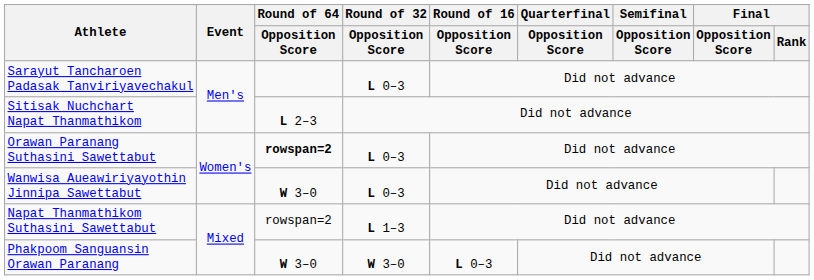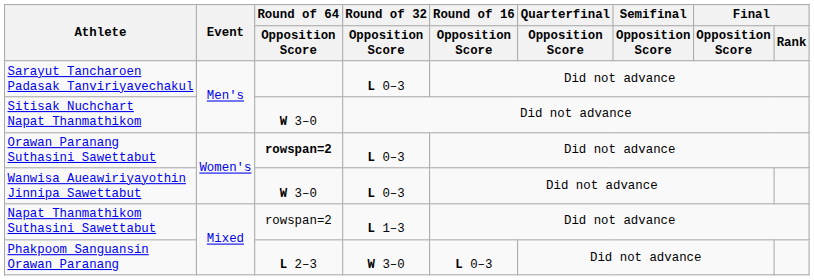 <table class=wikitable style=font-size:90%;text-align:center>
 <tr>
 <th rowspan="2">Athlete</th>
 <th rowspan="2">Event</th>
 <th>Round of 64</th>
 <th>Round of 32</th>
 <th>Round of 16</th>
 <th>Quarterfinal</th>
 <th>Semifinal</th>
 <th colspan="2">Final</th>
 </tr>
 <tr>
 <th>Opposition<br>Score</th>
 <th>Opposition<br>Score</th>
 <th>Opposition<br>Score</th>
 <th>Opposition<br>Score</th>
 <th>Opposition<br>Score</th>
 <th>Opposition<br>Score</th>
 <th>Rank</th>
 </tr>
 <tr>
 <td align=left><a href='#'>Sarayut Tancharoen</a><br><a href='#'>Padasak Tanviriyavechakul</a></td>
 <td rowspan="2"><a href='#'>Men's</a></td>
 <td></td>
 <td><br><strong>L</strong> 0–3</td>
 <td colspan="5">Did not advance</td>
 </tr>
 <tr>
 <td align=left><a href='#'>Sitisak Nuchchart</a><br><a href='#'>Napat Thanmathikom</a></td>
-<td><br><strong>L</strong> 2–3</td>
+<td><br><strong>W</strong> 3–0</td>
 <td colspan="6">Did not advance</td>
 </tr>
 <tr>
 <td align=left><a href='#'>Orawan Paranang</a><br><a href='#'>Suthasini Sawettabut</a></td>
 <td rowspan="2"><a href='#'>Women's</a></td>
 <td><strong>rowspan=2 </strong></td>
 <td><br><strong>L</strong> 0–3</td>
 <td colspan="5">Did not advance</td>
 </tr>
 <tr>
 <td align=left><a href='#'>Wanwisa Aueawiriyayothin</a><br><a href='#'>Jinnipa Sawettabut</a></td>
 <td><br><strong>W</strong> 3–0</td>
 <td><br><strong>L</strong> 0–3</td>
 <td colspan="4">Did not advance</td>
 </tr>
 <tr>
 <td align=left><a href='#'>Napat Thanmathikom</a><br><a href='#'>Suthasini Sawettabut</a></td>
 <td rowspan="2"><a href='#'>Mixed</a></td>
 <td>rowspan=2 </td>
 <td><br><strong>L</strong> 1–3</td>
 <td colspan="5">Did not advance</td>
 </tr>
 <tr>
 <td align=left><a href='#'>Phakpoom Sanguansin</a><br><a href='#'>Orawan Paranang</a></td>
-<td><br><strong>W</strong> 3–0</td>
+<td><br><strong>L</strong> 2–3</td>
 <td><br><strong>W</strong> 3–0</td>
 <td><br><strong>L</strong> 0–3</td>
 <td colspan="3">Did not advance</td>
 </tr>
 </table>
